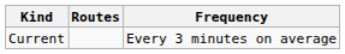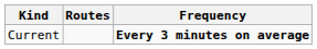 <table class="wikitable" style="margin:1em auto;">
 <tr>
 <th>Kind</th>
 <th>Routes</th>
 <th>Frequency</th>
 </tr>
 <tr>
 <td>Current</td>
 <td></td>
-<td>Every 3 minutes on average</td>
+<td><strong>Every 3 minutes on average</strong></td>
 </tr>
 </table>
